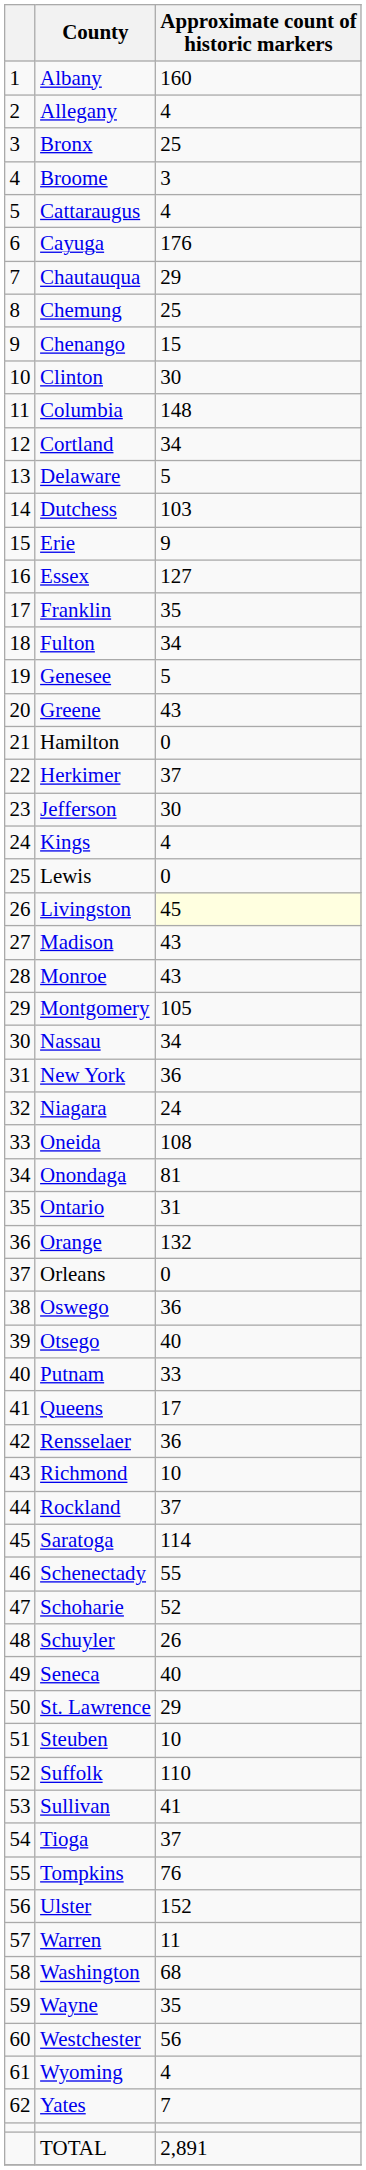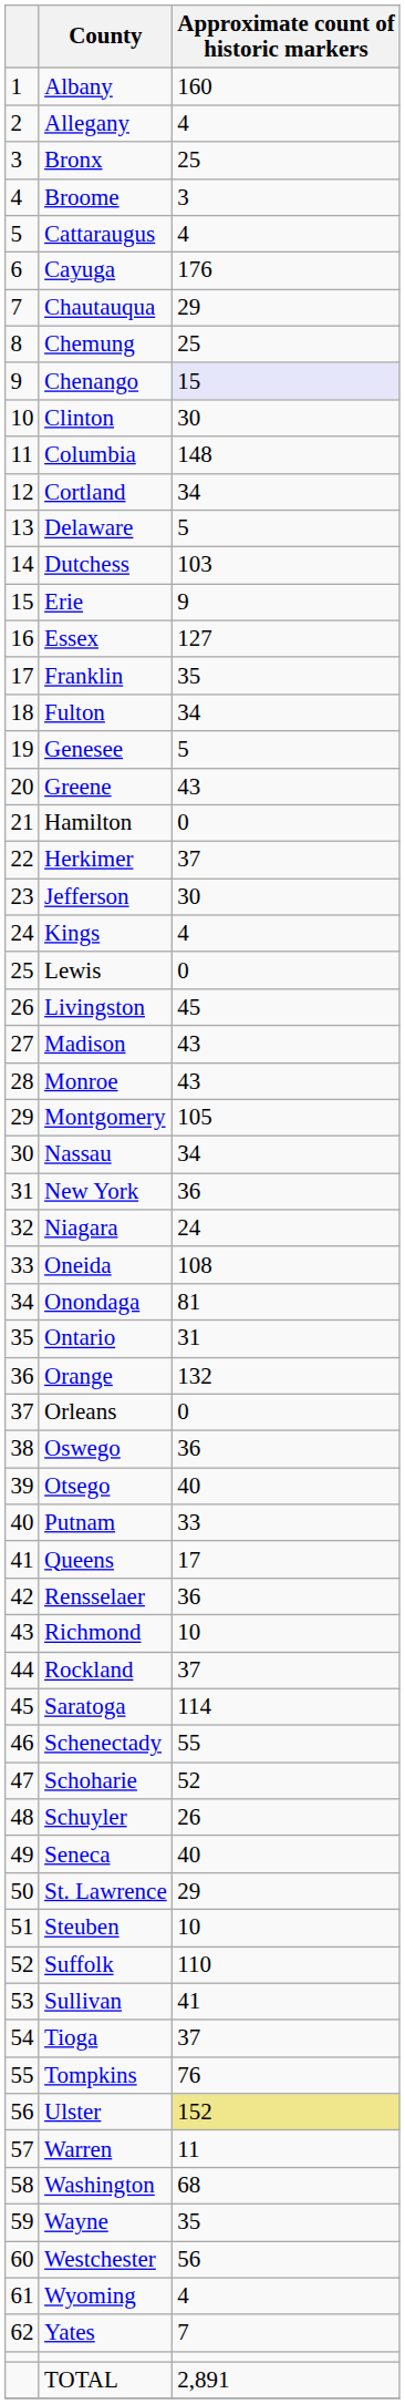 <table class="wikitable sortable">
 <tr>
 <th></th>
 <th><strong>County</strong></th>
 <th><strong>Approximate count of<br>historic markers</strong></th>
 </tr>
 <tr ->
 <td>1</td>
 <td><a href='#'>Albany</a></td>
 <td>160</td>
 </tr>
 <tr>
 <td>2</td>
 <td><a href='#'>Allegany</a></td>
 <td>4</td>
 </tr>
 <tr>
 <td>3</td>
 <td><a href='#'>Bronx</a></td>
 <td>25</td>
 </tr>
 <tr>
 <td>4</td>
 <td><a href='#'>Broome</a></td>
 <td>3</td>
 </tr>
 <tr>
 <td>5</td>
 <td><a href='#'>Cattaraugus</a></td>
 <td>4</td>
 </tr>
 <tr>
 <td>6</td>
 <td><a href='#'>Cayuga</a></td>
 <td>176</td>
 </tr>
 <tr>
 <td>7</td>
 <td><a href='#'>Chautauqua</a></td>
 <td>29</td>
 </tr>
 <tr>
 <td>8</td>
 <td><a href='#'>Chemung</a></td>
 <td>25</td>
 </tr>
 <tr>
 <td>9</td>
 <td><a href='#'>Chenango</a></td>
-<td>15</td>
+<td style="background: lavender;">15</td>
 </tr>
 <tr>
 <td>10</td>
 <td><a href='#'>Clinton</a></td>
 <td>30</td>
 </tr>
 <tr>
 <td>11</td>
 <td><a href='#'>Columbia</a></td>
 <td>148</td>
 </tr>
 <tr>
 <td>12</td>
 <td><a href='#'>Cortland</a></td>
 <td>34</td>
 </tr>
 <tr>
 <td>13</td>
 <td><a href='#'>Delaware</a></td>
 <td>5</td>
 </tr>
 <tr>
 <td>14</td>
 <td><a href='#'>Dutchess</a></td>
 <td>103</td>
 </tr>
 <tr>
 <td>15</td>
 <td><a href='#'>Erie</a></td>
 <td>9</td>
 </tr>
 <tr>
 <td>16</td>
 <td><a href='#'>Essex</a></td>
 <td>127</td>
 </tr>
 <tr>
 <td>17</td>
 <td><a href='#'>Franklin</a></td>
 <td>35</td>
 </tr>
 <tr>
 <td>18</td>
 <td><a href='#'>Fulton</a></td>
 <td>34</td>
 </tr>
 <tr>
 <td>19</td>
 <td><a href='#'>Genesee</a></td>
 <td>5</td>
 </tr>
 <tr>
 <td>20</td>
 <td><a href='#'>Greene</a></td>
 <td>43</td>
 </tr>
 <tr>
 <td>21</td>
 <td>Hamilton</td>
 <td>0</td>
 </tr>
 <tr>
 <td>22</td>
 <td><a href='#'>Herkimer</a></td>
 <td>37</td>
 </tr>
 <tr>
 <td>23</td>
 <td><a href='#'>Jefferson</a></td>
 <td>30</td>
 </tr>
 <tr>
 <td>24</td>
 <td><a href='#'>Kings</a></td>
 <td>4</td>
 </tr>
 <tr>
 <td>25</td>
 <td>Lewis</td>
 <td>0</td>
 </tr>
 <tr>
 <td>26</td>
 <td><a href='#'>Livingston</a></td>
-<td style="background: lightyellow;">45</td>
+<td>45</td>
 </tr>
 <tr>
 <td>27</td>
 <td><a href='#'>Madison</a></td>
 <td>43</td>
 </tr>
 <tr>
 <td>28</td>
 <td><a href='#'>Monroe</a></td>
 <td>43</td>
 </tr>
 <tr>
 <td>29</td>
 <td><a href='#'>Montgomery</a></td>
 <td>105</td>
 </tr>
 <tr>
 <td>30</td>
 <td><a href='#'>Nassau</a></td>
 <td>34</td>
 </tr>
 <tr>
 <td>31</td>
 <td><a href='#'>New York</a></td>
 <td>36</td>
 </tr>
 <tr>
 <td>32</td>
 <td><a href='#'>Niagara</a></td>
 <td>24</td>
 </tr>
 <tr>
 <td>33</td>
 <td><a href='#'>Oneida</a></td>
 <td>108</td>
 </tr>
 <tr>
 <td>34</td>
 <td><a href='#'>Onondaga</a></td>
 <td>81</td>
 </tr>
 <tr>
 <td>35</td>
 <td><a href='#'>Ontario</a></td>
 <td>31</td>
 </tr>
 <tr>
 <td>36</td>
 <td><a href='#'>Orange</a></td>
 <td>132</td>
 </tr>
 <tr>
 <td>37</td>
 <td>Orleans</td>
 <td>0</td>
 </tr>
 <tr>
 <td>38</td>
 <td><a href='#'>Oswego</a></td>
 <td>36</td>
 </tr>
 <tr>
 <td>39</td>
 <td><a href='#'>Otsego</a></td>
 <td>40</td>
 </tr>
 <tr>
 <td>40</td>
 <td><a href='#'>Putnam</a></td>
 <td>33</td>
 </tr>
 <tr>
 <td>41</td>
 <td><a href='#'>Queens</a></td>
 <td>17</td>
 </tr>
 <tr>
 <td>42</td>
 <td><a href='#'>Rensselaer</a></td>
 <td>36</td>
 </tr>
 <tr>
 <td>43</td>
 <td><a href='#'>Richmond</a></td>
 <td>10</td>
 </tr>
 <tr>
 <td>44</td>
 <td><a href='#'>Rockland</a></td>
 <td>37</td>
 </tr>
 <tr>
 <td>45</td>
 <td><a href='#'>Saratoga</a></td>
 <td>114</td>
 </tr>
 <tr>
 <td>46</td>
 <td><a href='#'>Schenectady</a></td>
 <td>55</td>
 </tr>
 <tr>
 <td>47</td>
 <td><a href='#'>Schoharie</a></td>
 <td>52</td>
 </tr>
 <tr>
 <td>48</td>
 <td><a href='#'>Schuyler</a></td>
 <td>26</td>
 </tr>
 <tr>
 <td>49</td>
 <td><a href='#'>Seneca</a></td>
 <td>40</td>
 </tr>
 <tr>
 <td>50</td>
 <td><a href='#'>St. Lawrence</a></td>
 <td>29</td>
 </tr>
 <tr>
 <td>51</td>
 <td><a href='#'>Steuben</a></td>
 <td>10</td>
 </tr>
 <tr>
 <td>52</td>
 <td><a href='#'>Suffolk</a></td>
 <td>110</td>
 </tr>
 <tr>
 <td>53</td>
 <td><a href='#'>Sullivan</a></td>
 <td>41</td>
 </tr>
 <tr>
 <td>54</td>
 <td><a href='#'>Tioga</a></td>
 <td>37</td>
 </tr>
 <tr>
 <td>55</td>
 <td><a href='#'>Tompkins</a></td>
 <td>76</td>
 </tr>
 <tr>
 <td>56</td>
 <td><a href='#'>Ulster</a></td>
-<td>152</td>
+<td style="background: khaki;">152</td>
 </tr>
 <tr>
 <td>57</td>
 <td><a href='#'>Warren</a></td>
 <td>11</td>
 </tr>
 <tr>
 <td>58</td>
 <td><a href='#'>Washington</a></td>
 <td>68</td>
 </tr>
 <tr>
 <td>59</td>
 <td><a href='#'>Wayne</a></td>
 <td>35</td>
 </tr>
 <tr>
 <td>60</td>
 <td><a href='#'>Westchester</a></td>
 <td>56</td>
 </tr>
 <tr>
 <td>61</td>
 <td><a href='#'>Wyoming</a></td>
 <td>4</td>
 </tr>
 <tr>
 <td>62</td>
 <td><a href='#'>Yates</a></td>
 <td>7</td>
 </tr>
 <tr>
 <td></td>
 <td></td>
 <td></td>
 </tr>
 <tr>
 <td></td>
 <td>TOTAL</td>
 <td>2,891</td>
 </tr>
 <tr>
 </tr>
 </table>
